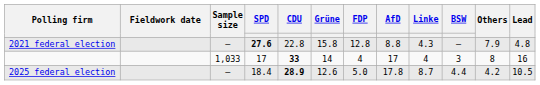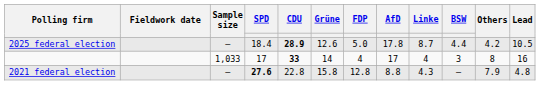 <table class="wikitable sortable mw-datatable mw-collapsible" style="text-align:center;font-size:90%;line-height:14px;">
 <tr style="height:40px;">
 <th style="width:155px;" rowspan="2">Polling firm</th>
 <th style="width:120px;" rowspan="2">Fieldwork date</th>
 <th style="width: 35px;" rowspan="2">Sample<br>size</th>
 <th class="unsortable" style="width:40px;"><a href='#'>SPD</a></th>
 <th class="unsortable" style="width:40px;"><a href='#'>CDU</a></th>
 <th class="unsortable" style="width:40px;"><a href='#'>Grüne</a></th>
 <th class="unsortable" style="width:40px;"><a href='#'>FDP</a></th>
 <th class="unsortable" style="width:40px;"><a href='#'>AfD</a></th>
 <th class="unsortable" style="width:40px;"><a href='#'>Linke</a></th>
 <th class="unsortable" style="width:40px;"><a href='#'>BSW</a></th>
 <th class="unsortable" style="width:30px;" rowspan="2">Others</th>
 <th style="width:30px;" rowspan="2">Lead</th>
 </tr>
 <tr>
 <th style="background:"></th>
 <th style="background:"></th>
 <th style="background:"></th>
 <th style="background:"></th>
 <th style="background:"></th>
 <th style="background:"></th>
 <th style="background:"></th>
 </tr>
 <tr style="background:#E9E9E9;">
-<td><a href='#'>2021 federal election</a></td>
+<td><a href='#'>2025 federal election</a></td>
 <td></td>
 <td>–</td>
-<td><strong>27.6</strong></td>
-<td>22.8</td>
-<td>15.8</td>
-<td>12.8</td>
-<td>8.8</td>
-<td>4.3</td>
-<td>–</td>
-<td>7.9</td>
-<td style="background:">4.8</td>
+<td>18.4</td>
+<td><strong>28.9</strong></td>
+<td>12.6</td>
+<td>5.0</td>
+<td>17.8</td>
+<td>8.7</td>
+<td>4.4</td>
+<td>4.2</td>
+<td style="background:">10.5</td>
 </tr>
 <tr>
 <td></td>
 <td></td>
 <td>1,033</td>
 <td>17</td>
 <td><strong>33</strong></td>
 <td>14</td>
 <td>4</td>
 <td>17</td>
 <td>4</td>
 <td>3</td>
 <td>8</td>
 <td style="background:">16</td>
 </tr>
 <tr style="background:#E9E9E9;">
-<td><a href='#'>2025 federal election</a></td>
+<td><a href='#'>2021 federal election</a></td>
 <td></td>
 <td>–</td>
-<td>18.4</td>
-<td><strong>28.9</strong></td>
-<td>12.6</td>
-<td>5.0</td>
-<td>17.8</td>
-<td>8.7</td>
-<td>4.4</td>
-<td>4.2</td>
-<td style="background:">10.5</td>
+<td><strong>27.6</strong></td>
+<td>22.8</td>
+<td>15.8</td>
+<td>12.8</td>
+<td>8.8</td>
+<td>4.3</td>
+<td>–</td>
+<td>7.9</td>
+<td style="background:">4.8</td>
 </tr>
 </table>
